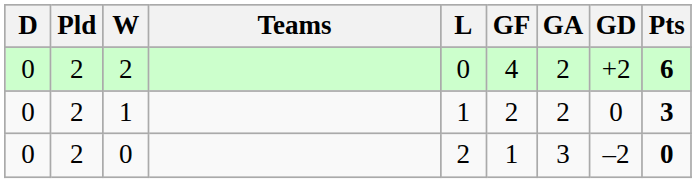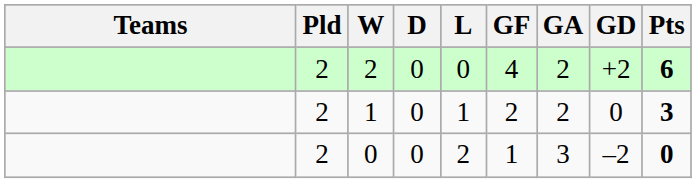 <table class="wikitable" style="text-align: center;">
 <tr>
-<th width=20>D</th>
+<th width=165>Teams</th>
 <th width=20>Pld</th>
 <th width=20>W</th>
-<th width=165>Teams</th>
+<th width=20>D</th>
 <th width=20>L</th>
 <th width=20>GF</th>
 <th width=20>GA</th>
 <th width=20>GD</th>
 <th width=20>Pts</th>
 </tr>
 <tr align=center style="background:#ccffcc;">
-<td>0</td>
+<td style="text-align:left;"></td>
 <td>2</td>
 <td>2</td>
-<td style="text-align:left;"></td>
+<td>0</td>
 <td>0</td>
 <td>4</td>
 <td>2</td>
 <td>+2</td>
 <td><strong>6</strong></td>
 </tr>
 <tr align=center>
-<td>0</td>
+<td style="text-align:left;"></td>
 <td>2</td>
 <td>1</td>
-<td style="text-align:left;"></td>
+<td>0</td>
 <td>1</td>
 <td>2</td>
 <td>2</td>
 <td>0</td>
 <td><strong>3</strong></td>
 </tr>
 <tr align=center>
-<td>0</td>
+<td style="text-align:left;"></td>
 <td>2</td>
 <td>0</td>
-<td style="text-align:left;"></td>
+<td>0</td>
 <td>2</td>
 <td>1</td>
 <td>3</td>
 <td>–2</td>
 <td><strong>0</strong></td>
 </tr>
 </table>
